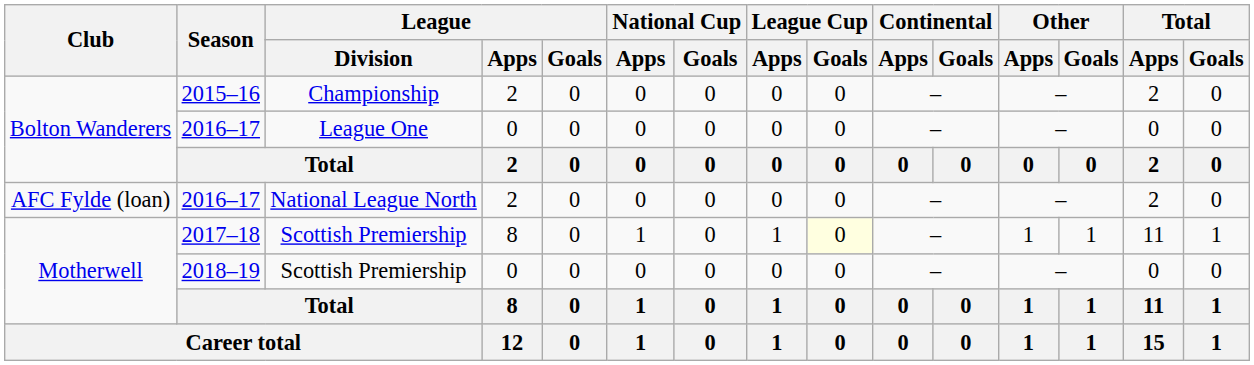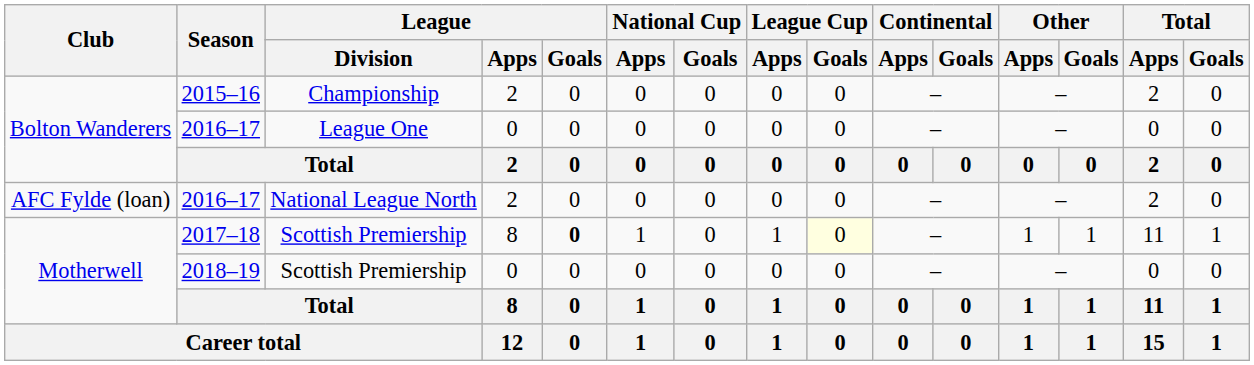 <table class="wikitable" style="text-align: center;">
 <tr>
 <th rowspan="2">Club</th>
 <th rowspan="2">Season</th>
 <th colspan="3">League</th>
 <th colspan="2">National Cup</th>
 <th colspan="2">League Cup</th>
 <th colspan="2">Continental</th>
 <th colspan="2">Other</th>
 <th colspan="2">Total</th>
 </tr>
 <tr>
 <th>Division</th>
 <th>Apps</th>
 <th>Goals</th>
 <th>Apps</th>
 <th>Goals</th>
 <th>Apps</th>
 <th>Goals</th>
 <th>Apps</th>
 <th>Goals</th>
 <th>Apps</th>
 <th>Goals</th>
 <th>Apps</th>
 <th>Goals</th>
 </tr>
 <tr>
 <td rowspan="3"><a href='#'>Bolton Wanderers</a></td>
 <td><a href='#'>2015–16</a></td>
 <td><a href='#'>Championship</a></td>
 <td>2</td>
 <td>0</td>
 <td>0</td>
 <td>0</td>
 <td>0</td>
 <td>0</td>
 <td colspan="2">–</td>
 <td colspan="2">–</td>
 <td>2</td>
 <td>0</td>
 </tr>
 <tr>
 <td><a href='#'>2016–17</a></td>
 <td><a href='#'>League One</a></td>
 <td>0</td>
 <td>0</td>
 <td>0</td>
 <td>0</td>
 <td>0</td>
 <td>0</td>
 <td colspan="2">–</td>
 <td colspan="2">–</td>
 <td>0</td>
 <td>0</td>
 </tr>
 <tr>
 <th colspan="2">Total</th>
 <th>2</th>
 <th>0</th>
 <th>0</th>
 <th>0</th>
 <th>0</th>
 <th>0</th>
 <th>0</th>
 <th>0</th>
 <th>0</th>
 <th>0</th>
 <th>2</th>
 <th>0</th>
 </tr>
 <tr>
 <td><a href='#'>AFC Fylde</a> (loan)</td>
 <td><a href='#'>2016–17</a></td>
 <td><a href='#'>National League North</a></td>
 <td>2</td>
 <td>0</td>
 <td>0</td>
 <td>0</td>
 <td>0</td>
 <td>0</td>
 <td colspan="2">–</td>
 <td colspan="2">–</td>
 <td>2</td>
 <td>0</td>
 </tr>
 <tr>
 <td rowspan=3><a href='#'>Motherwell</a></td>
 <td><a href='#'>2017–18</a></td>
 <td><a href='#'>Scottish Premiership</a></td>
 <td>8</td>
-<td>0</td>
+<td><strong>0</strong></td>
 <td>1</td>
 <td>0</td>
 <td>1</td>
 <td style="background: lightyellow;">0</td>
 <td colspan="2">–</td>
 <td>1</td>
 <td>1</td>
 <td>11</td>
 <td>1</td>
 </tr>
 <tr>
 <td><a href='#'>2018–19</a></td>
 <td>Scottish Premiership</td>
 <td>0</td>
 <td>0</td>
 <td>0</td>
 <td>0</td>
 <td>0</td>
 <td>0</td>
 <td colspan=2>–</td>
 <td colspan=2>–</td>
 <td>0</td>
 <td>0</td>
 </tr>
 <tr>
 <th colspan=2>Total</th>
 <th>8</th>
 <th>0</th>
 <th>1</th>
 <th>0</th>
 <th>1</th>
 <th>0</th>
 <th>0</th>
 <th>0</th>
 <th>1</th>
 <th>1</th>
 <th>11</th>
 <th>1</th>
 </tr>
 <tr>
 <th colspan="3">Career total</th>
 <th>12</th>
 <th>0</th>
 <th>1</th>
 <th>0</th>
 <th>1</th>
 <th>0</th>
 <th>0</th>
 <th>0</th>
 <th>1</th>
 <th>1</th>
 <th>15</th>
 <th>1</th>
 </tr>
 </table>
